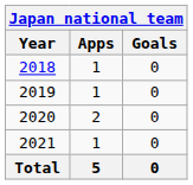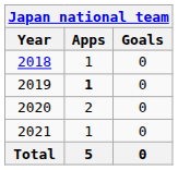 <table class="wikitable" style="text-align:center">
 <tr>
 <th colspan=3><a href='#'>Japan national team</a></th>
 </tr>
 <tr>
 <th>Year</th>
 <th>Apps</th>
 <th>Goals</th>
 </tr>
 <tr>
 <td><a href='#'>2018</a></td>
 <td>1</td>
 <td>0</td>
 </tr>
 <tr>
 <td>2019</td>
-<td>1</td>
+<td><strong>1</strong></td>
 <td>0</td>
 </tr>
 <tr>
 <td>2020</td>
 <td>2</td>
 <td>0</td>
 </tr>
 <tr>
 <td>2021</td>
 <td>1</td>
 <td>0</td>
 </tr>
 <tr>
 <th>Total</th>
 <th>5</th>
 <th>0</th>
 </tr>
 </table>
